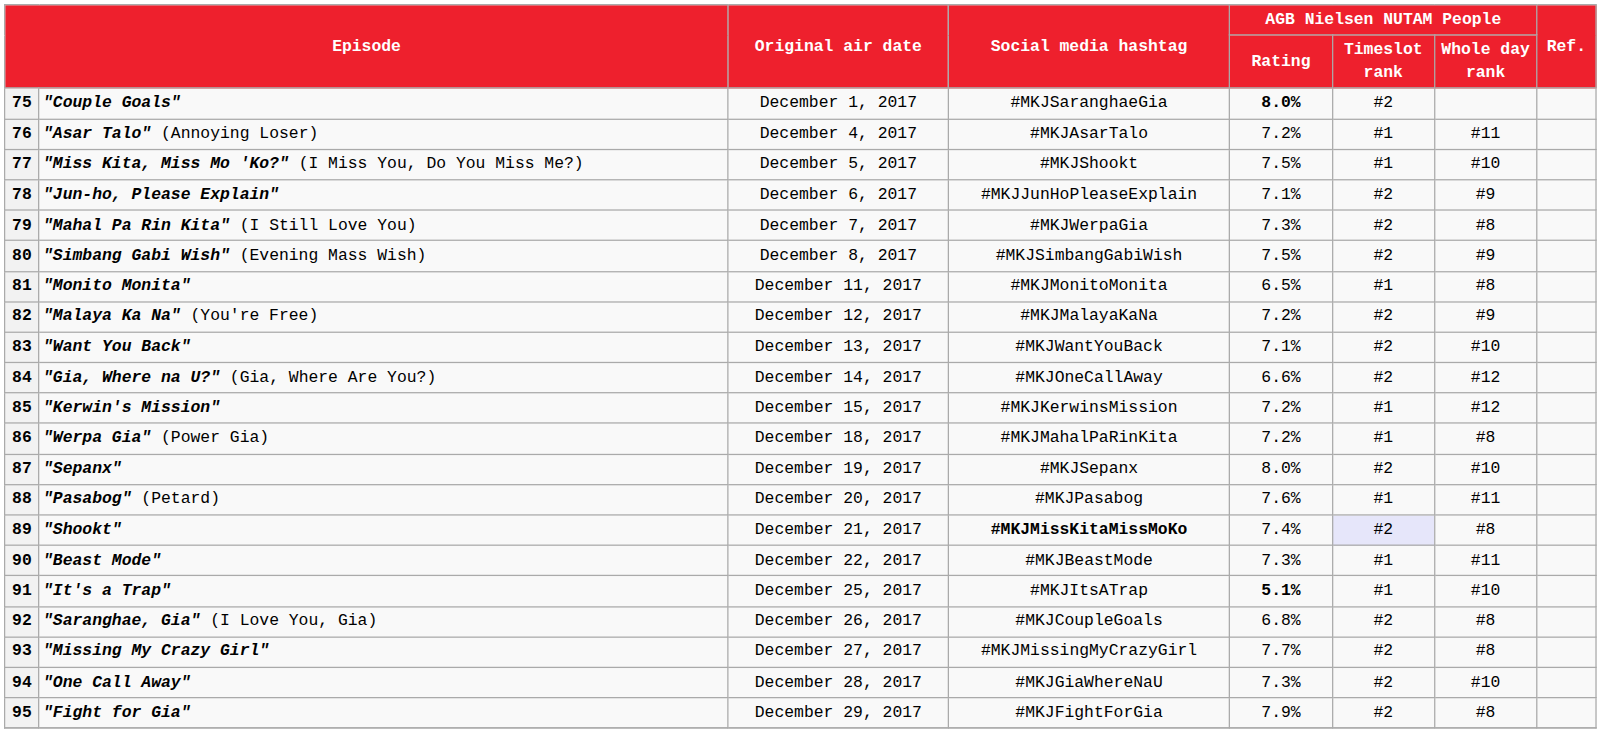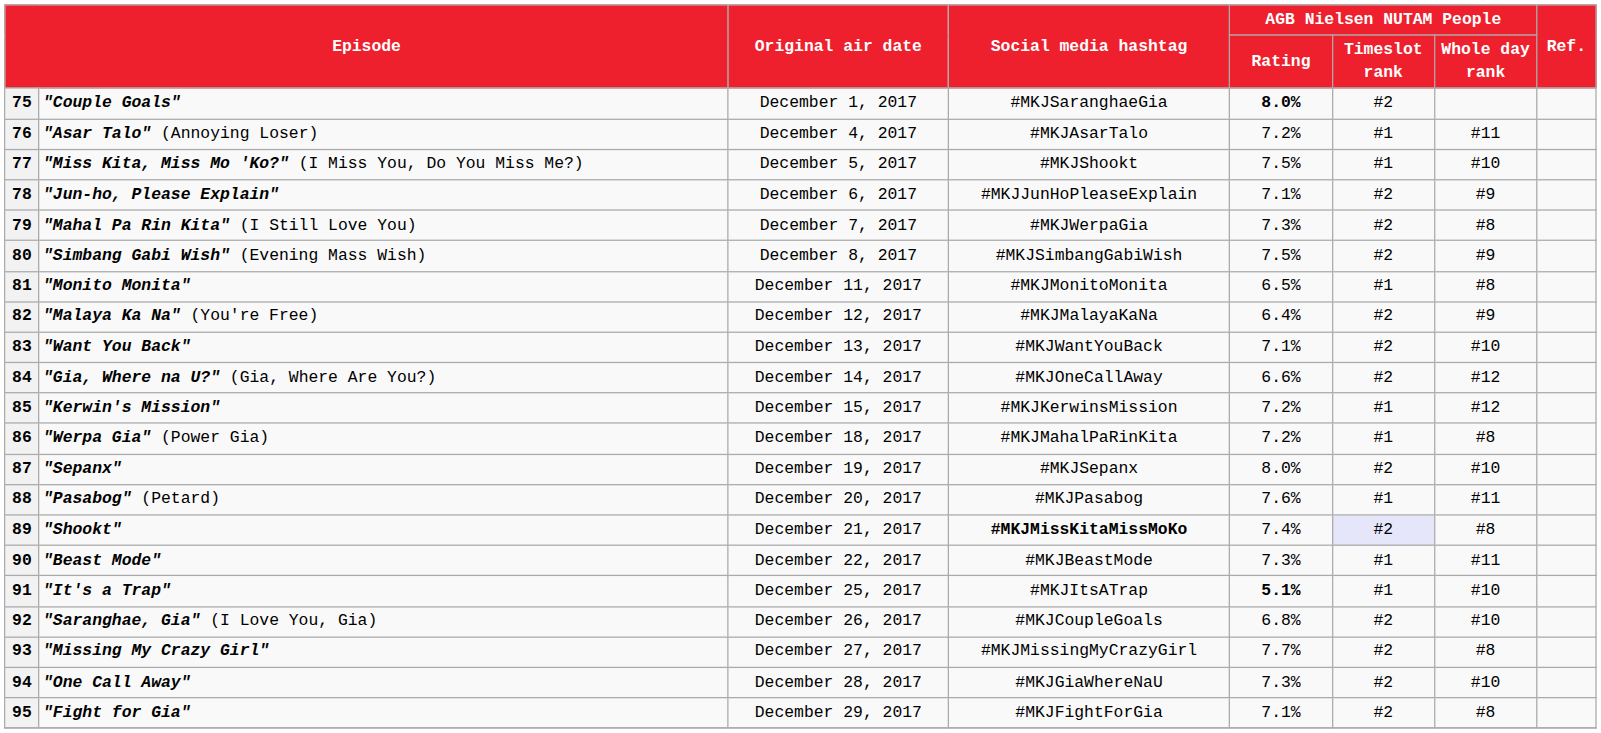 <table class="wikitable" style="text-align:center; font-size:100%; line-height:18px;"  width="100%">
 <tr>
 <th style="background-color:#ee202d; color:#ffffff;" colspan="2" rowspan="2">Episode</th>
 <th style="background:#ee202d; color:white" rowspan="2">Original air date</th>
 <th style="background:#ee202d; color:white" rowspan="2">Social media hashtag</th>
 <th style="background-color:#ee202d; color:#ffffff;" colspan="3">AGB Nielsen NUTAM People</th>
 <th style="background-color:#ee202d; color:#ffffff;" rowspan="2">Ref.</th>
 </tr>
 <tr>
 <th style="background-color:#ee202d; width:75px; color:#ffffff;">Rating</th>
 <th style="background-color:#ee202d; width:75px; color:#ffffff;">Timeslot<br>rank</th>
 <th style="background-color:#ee202d; width:75px; color:#ffffff;">Whole day<br>rank</th>
 </tr>
 <tr>
 <th>75</th>
 <td style="text-align: left;"><strong><em>"Couple Goals"</em></strong></td>
 <td>December 1, 2017</td>
 <td>#MKJSaranghaeGia</td>
 <td><span><strong>8.0%</strong></span></td>
 <td>#2</td>
 <td></td>
 <td></td>
 </tr>
 <tr>
 <th>76</th>
 <td style="text-align: left;"><strong><em>"Asar Talo"</em></strong> (Annoying Loser)</td>
 <td>December 4, 2017</td>
 <td>#MKJAsarTalo</td>
 <td>7.2%</td>
 <td>#1</td>
 <td>#11</td>
 <td></td>
 </tr>
 <tr>
 <th>77</th>
 <td style="text-align: left;"><strong><em>"Miss Kita, Miss Mo 'Ko?"</em></strong> (I Miss You, Do You Miss Me?)</td>
 <td>December 5, 2017</td>
 <td>#MKJShookt</td>
 <td>7.5%</td>
 <td>#1</td>
 <td>#10</td>
 <td></td>
 </tr>
 <tr>
 <th>78</th>
 <td style="text-align: left;"><strong><em>"Jun-ho, Please Explain"</em></strong></td>
 <td>December 6, 2017</td>
 <td>#MKJJunHoPleaseExplain</td>
 <td>7.1%</td>
 <td>#2</td>
 <td>#9</td>
 <td></td>
 </tr>
 <tr>
 <th>79</th>
 <td style="text-align: left;"><strong><em>"Mahal Pa Rin Kita"</em></strong> (I Still Love You)</td>
 <td>December 7, 2017</td>
 <td>#MKJWerpaGia</td>
 <td>7.3%</td>
 <td>#2</td>
 <td>#8</td>
 <td></td>
 </tr>
 <tr>
 <th>80</th>
 <td style="text-align: left;"><strong><em>"Simbang Gabi Wish"</em></strong> (Evening Mass Wish)</td>
 <td>December 8, 2017</td>
 <td>#MKJSimbangGabiWish</td>
 <td>7.5%</td>
 <td>#2</td>
 <td>#9</td>
 <td></td>
 </tr>
 <tr>
 <th>81</th>
 <td style="text-align: left;"><strong><em>"Monito Monita"</em></strong></td>
 <td>December 11, 2017</td>
 <td>#MKJMonitoMonita</td>
 <td>6.5%</td>
 <td>#1</td>
 <td>#8</td>
 <td></td>
 </tr>
 <tr>
 <th>82</th>
 <td style="text-align: left;"><strong><em>"Malaya Ka Na"</em></strong> (You're Free)</td>
 <td>December 12, 2017</td>
 <td>#MKJMalayaKaNa</td>
-<td>7.2%</td>
+<td>6.4%</td>
 <td>#2</td>
 <td>#9</td>
 <td></td>
 </tr>
 <tr>
 <th>83</th>
 <td style="text-align: left;"><strong><em>"Want You Back"</em></strong></td>
 <td>December 13, 2017</td>
 <td>#MKJWantYouBack</td>
 <td>7.1%</td>
 <td>#2</td>
 <td>#10</td>
 <td></td>
 </tr>
 <tr>
 <th>84</th>
 <td style="text-align: left;"><strong><em>"Gia, Where na U?"</em></strong> (Gia, Where Are You?)</td>
 <td>December 14, 2017</td>
 <td>#MKJOneCallAway</td>
 <td>6.6%</td>
 <td>#2</td>
 <td>#12</td>
 <td></td>
 </tr>
 <tr>
 <th>85</th>
 <td style="text-align: left;"><strong><em>"Kerwin's Mission"</em></strong></td>
 <td>December 15, 2017</td>
 <td>#MKJKerwinsMission</td>
 <td>7.2%</td>
 <td>#1</td>
 <td>#12</td>
 <td></td>
 </tr>
 <tr>
 <th>86</th>
 <td style="text-align: left;"><strong><em>"Werpa Gia"</em></strong> (Power Gia)</td>
 <td>December 18, 2017</td>
 <td>#MKJMahalPaRinKita</td>
 <td>7.2%</td>
 <td>#1</td>
 <td>#8</td>
 <td></td>
 </tr>
 <tr>
 <th>87</th>
 <td style="text-align: left;"><strong><em>"Sepanx"</em></strong></td>
 <td>December 19, 2017</td>
 <td>#MKJSepanx</td>
 <td>8.0%</td>
 <td>#2</td>
 <td>#10</td>
 <td></td>
 </tr>
 <tr>
 <th>88</th>
 <td style="text-align: left;"><strong><em>"Pasabog"</em></strong> (Petard)</td>
 <td>December 20, 2017</td>
 <td>#MKJPasabog</td>
 <td>7.6%</td>
 <td>#1</td>
 <td>#11</td>
 <td></td>
 </tr>
 <tr>
 <th>89</th>
 <td style="text-align: left;"><strong><em>"Shookt"</em></strong></td>
 <td>December 21, 2017</td>
 <td><strong>#MKJMissKitaMissMoKo</strong></td>
 <td>7.4%</td>
 <td style="background: lavender;">#2</td>
 <td>#8</td>
 <td></td>
 </tr>
 <tr>
 <th>90</th>
 <td style="text-align: left;"><strong><em>"Beast Mode"</em></strong></td>
 <td>December 22, 2017</td>
 <td>#MKJBeastMode</td>
 <td>7.3%</td>
 <td>#1</td>
 <td>#11</td>
 <td></td>
 </tr>
 <tr>
 <th>91</th>
 <td style="text-align: left;"><strong><em>"It's a Trap"</em></strong></td>
 <td>December 25, 2017</td>
 <td>#MKJItsATrap</td>
 <td><span><strong>5.1%</strong></span></td>
 <td>#1</td>
 <td>#10</td>
 <td></td>
 </tr>
 <tr>
 <th>92</th>
 <td style="text-align: left;"><strong><em>"Saranghae, Gia"</em></strong> (I Love You, Gia)</td>
 <td>December 26, 2017</td>
 <td>#MKJCoupleGoals</td>
 <td>6.8%</td>
 <td>#2</td>
-<td>#8</td>
+<td>#10</td>
 <td></td>
 </tr>
 <tr>
 <th>93</th>
 <td style="text-align: left;"><strong><em>"Missing My Crazy Girl"</em></strong></td>
 <td>December 27, 2017</td>
 <td>#MKJMissingMyCrazyGirl</td>
 <td>7.7%</td>
 <td>#2</td>
 <td>#8</td>
 <td></td>
 </tr>
 <tr>
 <th>94</th>
 <td style="text-align: left;"><strong><em>"One Call Away"</em></strong></td>
 <td>December 28, 2017</td>
 <td>#MKJGiaWhereNaU</td>
 <td>7.3%</td>
 <td>#2</td>
 <td>#10</td>
 <td></td>
 </tr>
 <tr>
 <th>95</th>
 <td style="text-align: left;"><strong><em>"Fight for Gia"</em></strong></td>
 <td>December 29, 2017</td>
 <td>#MKJFightForGia</td>
-<td>7.9%</td>
+<td>7.1%</td>
 <td>#2</td>
 <td>#8</td>
 <td></td>
 </tr>
 <tr>
 </tr>
 </table>
